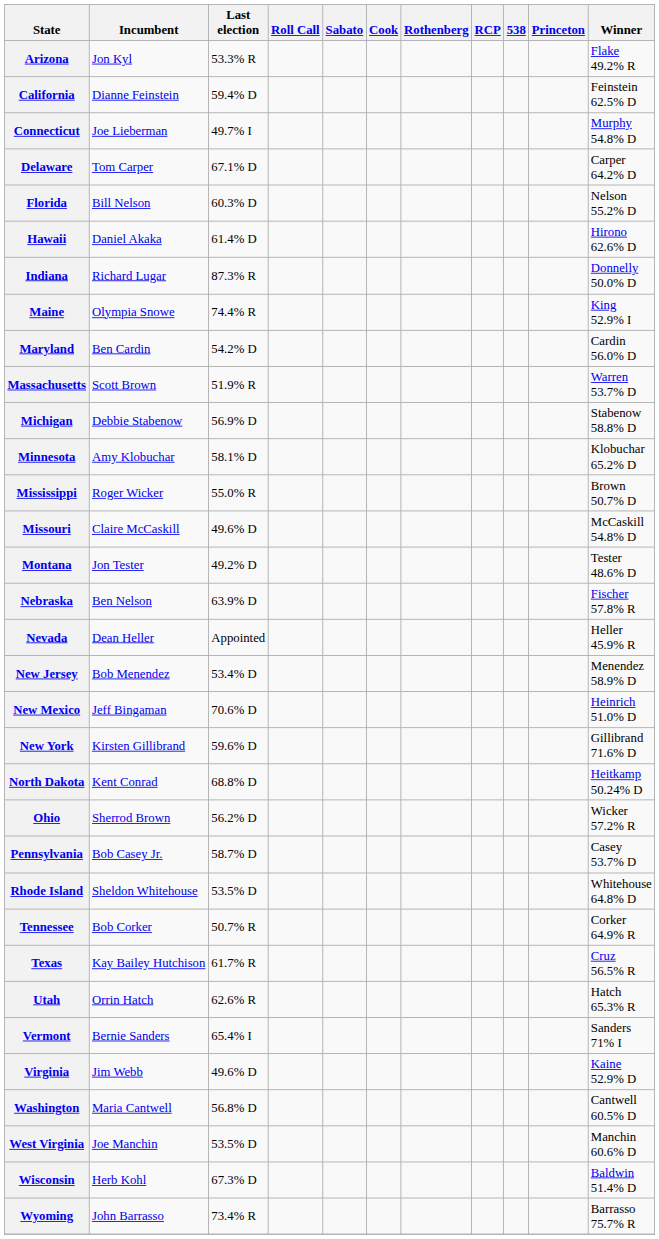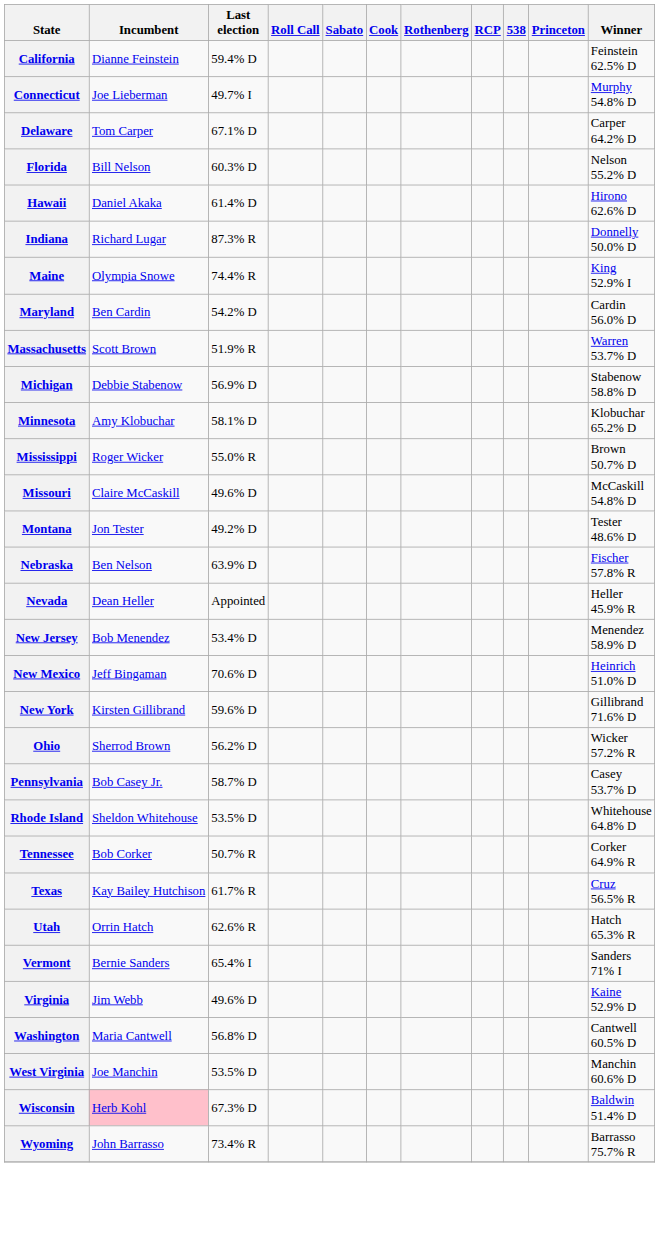 <table class="wikitable sortable sticky-header-multi" style="font-size:95%;">
 <tr style="vertical-align:bottom">
 <th>State</th>
 <th>Incumbent</th>
 <th>Last<br>election</th>
 <th><a href='#'>Roll Call</a><br></th>
 <th><a href='#'>Sabato</a><br></th>
 <th><a href='#'>Cook</a><br></th>
 <th><a href='#'>Rothenberg</a><br></th>
 <th><a href='#'>RCP</a><br></th>
 <th><a href='#'>538</a><br></th>
 <th><a href='#'>Princeton</a><br></th>
 <th>Winner</th>
-</tr>
-<tr>
-<th><a href='#'>Arizona</a></th>
-<td><a href='#'>Jon Kyl</a><br></td>
-<td>53.3% R</td>
-<td></td>
-<td></td>
-<td></td>
-<td></td>
-<td></td>
-<td></td>
-<td></td>
-<td><a href='#'>Flake</a><br>49.2% R</td>
 </tr>
 <tr>
 <th><a href='#'>California</a></th>
 <td><a href='#'>Dianne Feinstein</a></td>
 <td>59.4% D</td>
 <td></td>
 <td></td>
 <td></td>
 <td></td>
 <td></td>
 <td></td>
 <td></td>
 <td>Feinstein<br>62.5% D</td>
 </tr>
 <tr>
 <th><a href='#'>Connecticut</a></th>
 <td><a href='#'>Joe Lieberman</a><br></td>
 <td>49.7% I</td>
 <td></td>
 <td></td>
 <td></td>
 <td></td>
 <td></td>
 <td></td>
 <td></td>
 <td><a href='#'>Murphy</a><br>54.8% D </td>
 </tr>
 <tr>
 <th><a href='#'>Delaware</a></th>
 <td><a href='#'>Tom Carper</a></td>
 <td>67.1% D</td>
 <td></td>
 <td></td>
 <td></td>
 <td></td>
 <td></td>
 <td></td>
 <td></td>
 <td>Carper<br>64.2% D</td>
 </tr>
 <tr>
 <th><a href='#'>Florida</a></th>
 <td><a href='#'>Bill Nelson</a></td>
 <td>60.3% D</td>
 <td></td>
 <td></td>
 <td></td>
 <td></td>
 <td></td>
 <td></td>
 <td></td>
 <td>Nelson<br>55.2% D</td>
 </tr>
 <tr>
 <th><a href='#'>Hawaii</a></th>
 <td><a href='#'>Daniel Akaka</a><br></td>
 <td>61.4% D</td>
 <td></td>
 <td></td>
 <td></td>
 <td></td>
 <td></td>
 <td></td>
 <td></td>
 <td><a href='#'>Hirono</a><br>62.6% D</td>
 </tr>
 <tr>
 <th><a href='#'>Indiana</a></th>
 <td><a href='#'>Richard Lugar</a><br></td>
 <td>87.3% R</td>
 <td></td>
 <td></td>
 <td></td>
 <td></td>
 <td></td>
 <td></td>
 <td></td>
 <td><a href='#'>Donnelly</a><br>50.0% D </td>
 </tr>
 <tr>
 <th><a href='#'>Maine</a></th>
 <td><a href='#'>Olympia Snowe</a><br></td>
 <td>74.4% R</td>
 <td style="background:"></td>
 <td style="background:"></td>
 <td></td>
 <td style="background:"></td>
 <td style="background:"></td>
 <td style="background:"></td>
 <td style="background:"></td>
 <td><a href='#'>King</a><br>52.9% I </td>
 </tr>
 <tr>
 <th><a href='#'>Maryland</a></th>
 <td><a href='#'>Ben Cardin</a></td>
 <td>54.2% D</td>
 <td></td>
 <td></td>
 <td></td>
 <td></td>
 <td></td>
 <td></td>
 <td></td>
 <td>Cardin<br>56.0% D</td>
 </tr>
 <tr>
 <th><a href='#'>Massachusetts</a></th>
 <td><a href='#'>Scott Brown</a></td>
 <td>51.9% R<br></td>
 <td></td>
 <td></td>
 <td></td>
 <td></td>
 <td></td>
 <td></td>
 <td></td>
 <td><a href='#'>Warren</a><br>53.7% D </td>
 </tr>
 <tr>
 <th><a href='#'>Michigan</a></th>
 <td><a href='#'>Debbie Stabenow</a></td>
 <td>56.9% D</td>
 <td></td>
 <td></td>
 <td></td>
 <td></td>
 <td></td>
 <td></td>
 <td></td>
 <td>Stabenow<br>58.8% D</td>
 </tr>
 <tr>
 <th><a href='#'>Minnesota</a></th>
 <td><a href='#'>Amy Klobuchar</a></td>
 <td>58.1% D</td>
 <td></td>
 <td></td>
 <td></td>
 <td></td>
 <td></td>
 <td></td>
 <td></td>
 <td>Klobuchar<br>65.2% D</td>
 </tr>
 <tr>
 <th><a href='#'>Mississippi</a></th>
 <td><a href='#'>Roger Wicker</a></td>
 <td>55.0% R<br></td>
 <td></td>
 <td></td>
 <td></td>
 <td></td>
 <td></td>
 <td></td>
 <td></td>
 <td>Brown<br>50.7% D</td>
 </tr>
 <tr>
 <th><a href='#'>Missouri</a></th>
 <td><a href='#'>Claire McCaskill</a></td>
 <td>49.6% D</td>
 <td></td>
 <td></td>
 <td></td>
 <td></td>
 <td></td>
 <td></td>
 <td></td>
 <td>McCaskill<br>54.8% D</td>
 </tr>
 <tr>
 <th><a href='#'>Montana</a></th>
 <td><a href='#'>Jon Tester</a></td>
 <td>49.2% D</td>
 <td></td>
 <td></td>
 <td></td>
 <td></td>
 <td></td>
 <td></td>
 <td></td>
 <td>Tester<br>48.6% D</td>
 </tr>
 <tr>
 <th><a href='#'>Nebraska</a></th>
 <td><a href='#'>Ben Nelson</a><br></td>
 <td>63.9% D</td>
 <td></td>
 <td></td>
 <td></td>
 <td></td>
 <td></td>
 <td></td>
 <td></td>
 <td><a href='#'>Fischer</a><br>57.8% R </td>
 </tr>
 <tr>
 <th><a href='#'>Nevada</a></th>
 <td><a href='#'>Dean Heller</a></td>
 <td>Appointed<br></td>
 <td></td>
 <td></td>
 <td></td>
 <td></td>
 <td></td>
 <td></td>
 <td></td>
 <td>Heller<br>45.9% R</td>
 </tr>
 <tr>
 <th><a href='#'>New Jersey</a></th>
 <td><a href='#'>Bob Menendez</a></td>
 <td>53.4% D</td>
 <td></td>
 <td></td>
 <td></td>
 <td></td>
 <td></td>
 <td></td>
 <td></td>
 <td>Menendez<br>58.9% D</td>
 </tr>
 <tr>
 <th><a href='#'>New Mexico</a></th>
 <td><a href='#'>Jeff Bingaman</a><br></td>
 <td>70.6% D</td>
 <td></td>
 <td></td>
 <td></td>
 <td></td>
 <td></td>
 <td></td>
 <td></td>
 <td><a href='#'>Heinrich</a><br>51.0% D</td>
 </tr>
 <tr>
 <th><a href='#'>New York</a></th>
 <td><a href='#'>Kirsten Gillibrand</a></td>
 <td>59.6% D<br></td>
 <td></td>
 <td></td>
 <td></td>
 <td></td>
 <td></td>
 <td></td>
 <td></td>
 <td>Gillibrand<br>71.6% D</td>
 </tr>
 <tr>
-<th><a href='#'>North Dakota</a></th>
-<td><a href='#'>Kent Conrad</a><br></td>
-<td>68.8% D</td>
-<td></td>
-<td></td>
-<td></td>
-<td></td>
-<td></td>
-<td></td>
-<td></td>
-<td><a href='#'>Heitkamp</a><br>50.24% D</td>
-</tr>
-<tr>
 <th><a href='#'>Ohio</a></th>
 <td><a href='#'>Sherrod Brown</a></td>
 <td>56.2% D</td>
 <td></td>
 <td></td>
 <td></td>
 <td></td>
 <td></td>
 <td></td>
 <td></td>
 <td>Wicker<br>57.2% R</td>
 </tr>
 <tr>
 <th><a href='#'>Pennsylvania</a></th>
 <td><a href='#'>Bob Casey Jr.</a></td>
 <td>58.7% D</td>
 <td></td>
 <td></td>
 <td></td>
 <td></td>
 <td></td>
 <td></td>
 <td></td>
 <td>Casey<br>53.7% D</td>
 </tr>
 <tr>
 <th><a href='#'>Rhode Island</a></th>
 <td><a href='#'>Sheldon Whitehouse</a></td>
 <td>53.5% D</td>
 <td></td>
 <td></td>
 <td></td>
 <td></td>
 <td></td>
 <td></td>
 <td></td>
 <td>Whitehouse<br>64.8% D</td>
 </tr>
 <tr>
 <th><a href='#'>Tennessee</a></th>
 <td><a href='#'>Bob Corker</a></td>
 <td>50.7% R</td>
 <td></td>
 <td></td>
 <td></td>
 <td></td>
 <td></td>
 <td></td>
 <td></td>
 <td>Corker<br>64.9% R</td>
 </tr>
 <tr>
 <th><a href='#'>Texas</a></th>
 <td><a href='#'>Kay Bailey Hutchison</a><br></td>
 <td>61.7% R</td>
 <td></td>
 <td></td>
 <td></td>
 <td></td>
 <td></td>
 <td></td>
 <td></td>
 <td><a href='#'>Cruz</a><br>56.5% R</td>
 </tr>
 <tr>
 <th><a href='#'>Utah</a></th>
 <td><a href='#'>Orrin Hatch</a></td>
 <td>62.6% R</td>
 <td></td>
 <td></td>
 <td></td>
 <td></td>
 <td></td>
 <td></td>
 <td></td>
 <td>Hatch<br>65.3% R</td>
 </tr>
 <tr>
 <th><a href='#'>Vermont</a></th>
 <td><a href='#'>Bernie Sanders</a></td>
 <td>65.4% I</td>
 <td style="background:"></td>
 <td style="background:"></td>
 <td style="background:"></td>
 <td style="background:"></td>
 <td style="background:"></td>
 <td style="background:"></td>
 <td style="background:"></td>
 <td>Sanders<br>71% I</td>
 </tr>
 <tr>
 <th><a href='#'>Virginia</a></th>
 <td><a href='#'>Jim Webb</a><br></td>
 <td>49.6% D</td>
 <td></td>
 <td></td>
 <td></td>
 <td></td>
 <td></td>
 <td></td>
 <td></td>
 <td><a href='#'>Kaine</a><br>52.9% D</td>
 </tr>
 <tr>
 <th><a href='#'>Washington</a></th>
 <td><a href='#'>Maria Cantwell</a></td>
 <td>56.8% D</td>
 <td></td>
 <td></td>
 <td></td>
 <td></td>
 <td></td>
 <td></td>
 <td></td>
 <td>Cantwell<br>60.5% D</td>
 </tr>
 <tr>
 <th><a href='#'>West Virginia</a></th>
 <td><a href='#'>Joe Manchin</a></td>
 <td>53.5% D<br></td>
 <td></td>
 <td></td>
 <td></td>
 <td></td>
 <td></td>
 <td></td>
 <td></td>
 <td>Manchin<br>60.6% D</td>
 </tr>
 <tr>
 <th><a href='#'>Wisconsin</a></th>
-<td><a href='#'>Herb Kohl</a><br></td>
+<td style="background: pink;"><a href='#'>Herb Kohl</a><br></td>
 <td>67.3% D</td>
 <td></td>
 <td></td>
 <td></td>
 <td></td>
 <td></td>
 <td></td>
 <td></td>
 <td><a href='#'>Baldwin</a><br>51.4% D</td>
 </tr>
 <tr>
 <th><a href='#'>Wyoming</a></th>
 <td><a href='#'>John Barrasso</a></td>
 <td>73.4% R<br></td>
 <td></td>
 <td></td>
 <td></td>
 <td></td>
 <td></td>
 <td></td>
 <td></td>
 <td>Barrasso<br>75.7% R</td>
 </tr>
 <tr>
 </tr>
 </table>
